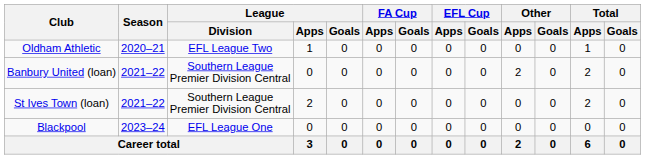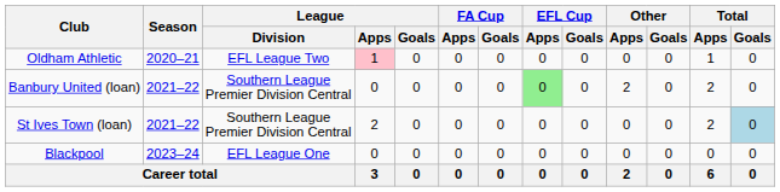 <table class="wikitable" style="text-align:center;">
 <tr>
 <th rowspan="2">Club</th>
 <th rowspan="2">Season</th>
 <th colspan="3">League</th>
 <th colspan="2"><a href='#'>FA Cup</a></th>
 <th colspan="2"><a href='#'>EFL Cup</a></th>
 <th colspan="2">Other</th>
 <th colspan="2">Total</th>
 </tr>
 <tr>
 <th>Division</th>
 <th>Apps</th>
 <th>Goals</th>
 <th>Apps</th>
 <th>Goals</th>
 <th>Apps</th>
 <th>Goals</th>
 <th>Apps</th>
 <th>Goals</th>
 <th>Apps</th>
 <th>Goals</th>
 </tr>
 <tr>
 <td><a href='#'>Oldham Athletic</a></td>
 <td><a href='#'>2020–21</a></td>
 <td><a href='#'>EFL League Two</a></td>
-<td>1</td>
+<td style="background: pink;">1</td>
 <td>0</td>
 <td>0</td>
 <td>0</td>
 <td>0</td>
 <td>0</td>
 <td>0</td>
 <td>0</td>
 <td>1</td>
 <td>0</td>
 </tr>
 <tr>
 <td><a href='#'>Banbury United</a> (loan)</td>
 <td><a href='#'>2021–22</a></td>
 <td><a href='#'>Southern League</a><br>Premier Division Central</td>
 <td>0</td>
 <td>0</td>
 <td>0</td>
 <td>0</td>
-<td>0</td>
+<td style="background: lightgreen;">0</td>
 <td>0</td>
 <td>2</td>
 <td>0</td>
 <td>2</td>
 <td>0</td>
 </tr>
 <tr>
 <td><a href='#'>St Ives Town</a> (loan)</td>
 <td><a href='#'>2021–22</a></td>
 <td>Southern League<br>Premier Division Central</td>
 <td>2</td>
 <td>0</td>
 <td>0</td>
 <td>0</td>
 <td>0</td>
 <td>0</td>
 <td>0</td>
 <td>0</td>
 <td>2</td>
-<td>0</td>
+<td style="background: lightblue;">0</td>
 </tr>
 <tr>
 <td><a href='#'>Blackpool</a></td>
 <td><a href='#'>2023–24</a></td>
 <td><a href='#'>EFL League One</a></td>
 <td>0</td>
 <td>0</td>
 <td>0</td>
 <td>0</td>
 <td>0</td>
 <td>0</td>
 <td>0</td>
 <td>0</td>
 <td>0</td>
 <td>0</td>
 </tr>
 <tr>
 <th colspan="3">Career total</th>
 <th>3</th>
 <th>0</th>
 <th>0</th>
 <th>0</th>
 <th>0</th>
 <th>0</th>
 <th>2</th>
 <th>0</th>
 <th>6</th>
 <th>0</th>
 </tr>
 </table>
